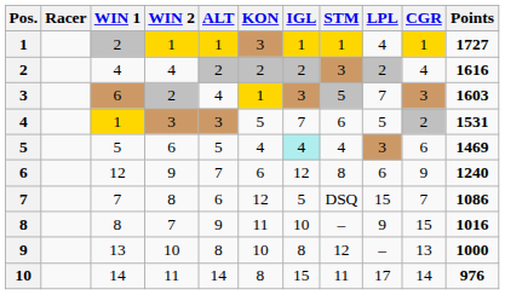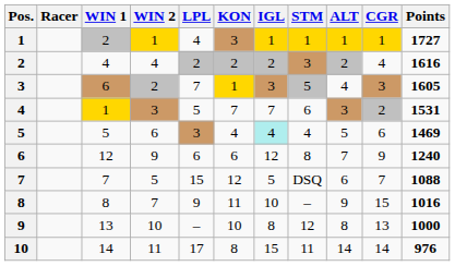 <table class="wikitable sortable plainrowheaders" style="text-align:center;">
 <tr>
 <th scope="col">Pos.</th>
 <th scope="col">Racer</th>
 <th scope="col"> <a href='#'>WIN</a> 1</th>
 <th scope="col"> <a href='#'>WIN</a> 2</th>
-<th scope="col"> <a href='#'>ALT</a></th>
+<th scope="col"> <a href='#'>LPL</a></th>
 <th scope="col"> <a href='#'>KON</a></th>
 <th scope="col"> <a href='#'>IGL</a></th>
 <th scope="col"> <a href='#'>STM</a></th>
-<th scope="col"> <a href='#'>LPL</a></th>
+<th scope="col"> <a href='#'>ALT</a></th>
 <th scope="col"> <a href='#'>CGR</a></th>
 <th style="width:45px;"><strong>Points</strong></th>
 </tr>
 <tr>
 <th style="text-align:center;">1</th>
 <td align="left"></td>
 <td style="background:silver;">2</td>
 <td style="background:gold;">1</td>
-<td style="background:gold;">1</td>
+<td>4</td>
 <td style="background:#c96;">3</td>
 <td style="background:gold;">1</td>
 <td style="background:gold;">1</td>
-<td>4</td>
+<td style="background:gold;">1</td>
 <td style="background:gold;">1</td>
 <td><strong>1727</strong></td>
 </tr>
 <tr>
 <th style="text-align:center;">2</th>
 <td align="left"></td>
 <td>4</td>
 <td>4</td>
 <td style="background:silver;">2</td>
 <td style="background:silver;">2</td>
 <td style="background:silver;">2</td>
 <td style="background:#c96;">3</td>
 <td style="background:silver;">2</td>
 <td>4</td>
 <td><strong>1616</strong></td>
 </tr>
 <tr>
 <th style="text-align:center;">3</th>
 <td align="left"></td>
 <td style="background:#c96;">6</td>
 <td style="background:silver;">2</td>
-<td>4</td>
+<td>7</td>
 <td style="background:gold;">1</td>
 <td style="background:#c96;">3</td>
 <td style="background:silver;">5</td>
-<td>7</td>
+<td>4</td>
 <td style="background:#c96;">3</td>
-<td><strong>1603</strong></td>
+<td><strong>1605</strong></td>
 </tr>
 <tr>
 <th style="text-align:center;">4</th>
 <td align="left"></td>
 <td style="background:gold;">1</td>
 <td style="background:#c96;">3</td>
-<td style="background:#c96;">3</td>
 <td>5</td>
 <td>7</td>
+<td>7</td>
 <td>6</td>
-<td>5</td>
+<td style="background:#c96;">3</td>
 <td style="background:silver;">2</td>
 <td><strong>1531</strong></td>
 </tr>
 <tr>
 <th style="text-align:center;">5</th>
 <td align="left"></td>
 <td>5</td>
 <td>6</td>
-<td>5</td>
+<td style="background:#c96;">3</td>
 <td>4</td>
 <td style="background: paleturquoise;">4</td>
 <td>4</td>
-<td style="background:#c96;">3</td>
+<td>5</td>
 <td>6</td>
 <td><strong>1469</strong></td>
 </tr>
 <tr>
 <th style="text-align:center;">6</th>
 <td align="left"></td>
 <td>12</td>
 <td>9</td>
-<td>7</td>
+<td>6</td>
 <td>6</td>
 <td>12</td>
 <td>8</td>
-<td>6</td>
+<td>7</td>
 <td>9</td>
 <td><strong>1240</strong></td>
 </tr>
 <tr>
 <th style="text-align:center;">7</th>
 <td align="left"></td>
 <td>7</td>
-<td>8</td>
-<td>6</td>
+<td>5</td>
+<td>15</td>
 <td>12</td>
 <td>5</td>
 <td>DSQ</td>
-<td>15</td>
+<td>6</td>
 <td>7</td>
-<td><strong>1086</strong></td>
+<td><strong>1088</strong></td>
 </tr>
 <tr>
 <th style="text-align:center;">8</th>
 <td align="left"></td>
 <td>8</td>
 <td>7</td>
 <td>9</td>
 <td>11</td>
 <td>10</td>
 <td>–</td>
 <td>9</td>
 <td>15</td>
 <td><strong>1016</strong></td>
 </tr>
 <tr>
 <th style="text-align:center;">9</th>
 <td align="left"></td>
 <td>13</td>
 <td>10</td>
-<td>8</td>
+<td>–</td>
 <td>10</td>
 <td>8</td>
 <td>12</td>
-<td>–</td>
+<td>8</td>
 <td>13</td>
 <td><strong>1000</strong></td>
 </tr>
 <tr>
 <th style="text-align:center;">10</th>
 <td align="left"></td>
 <td>14</td>
 <td>11</td>
-<td>14</td>
+<td>17</td>
 <td>8</td>
 <td>15</td>
 <td>11</td>
-<td>17</td>
+<td>14</td>
 <td>14</td>
 <td><strong>976</strong></td>
 </tr>
 </table>
